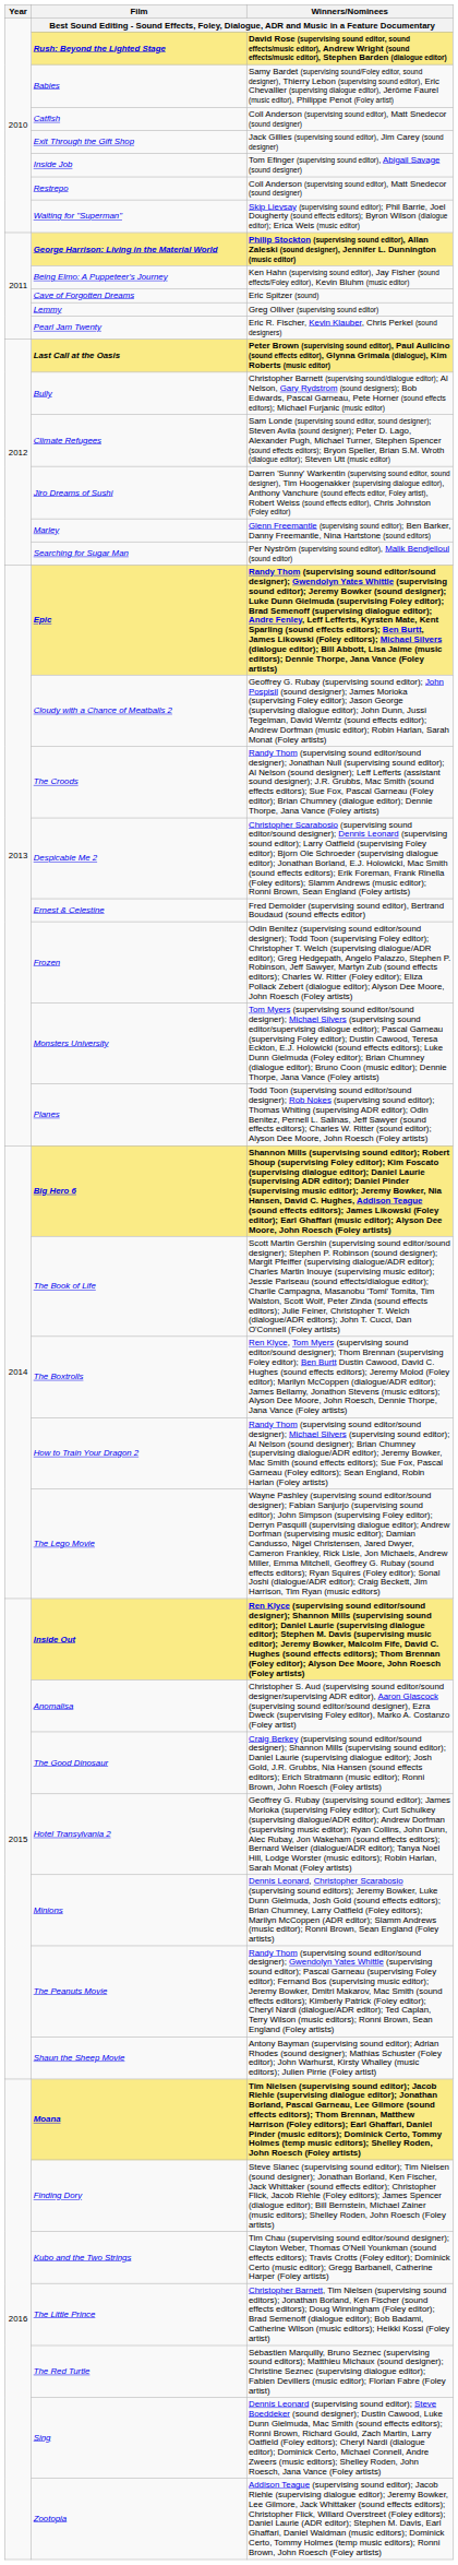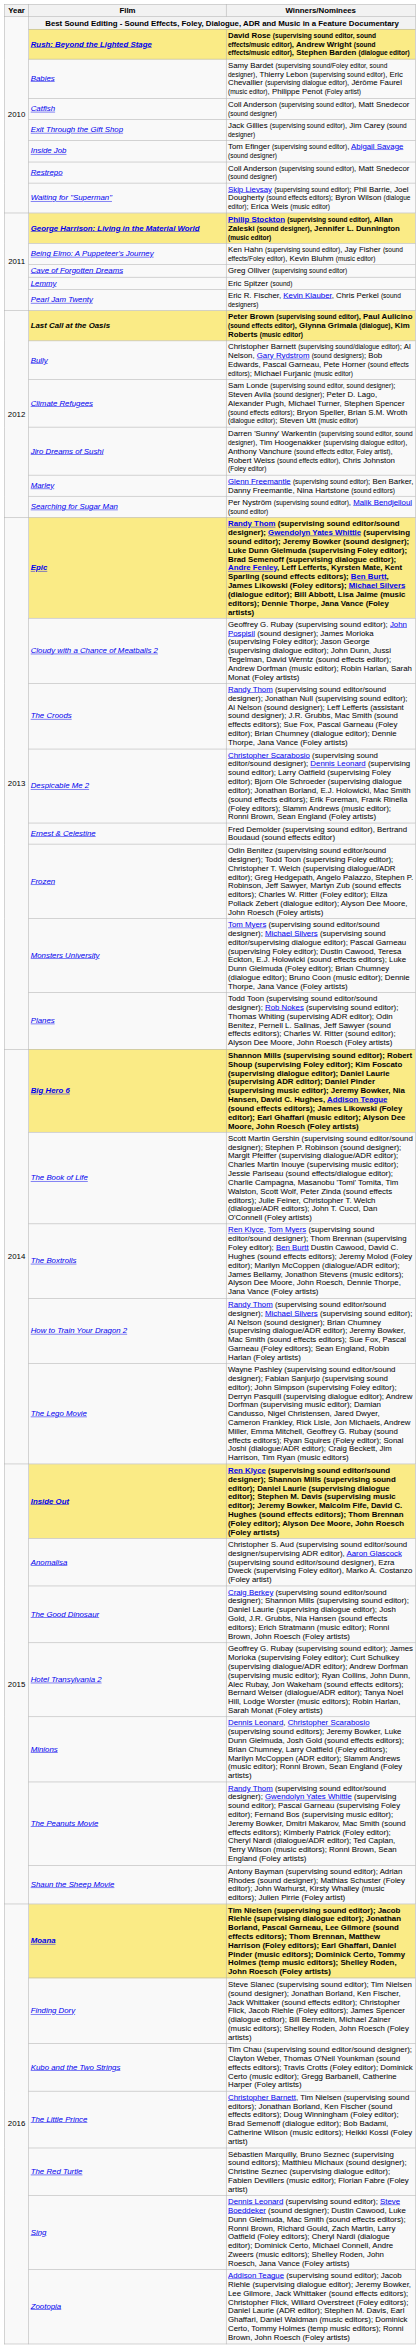 <table class="wikitable" width="95%" cellpadding="5">
 <tr>
 <th width="6%">Year</th>
 <th width="48%">Film</th>
 <th width="48%">Winners/Nominees</th>
 </tr>
 <tr>
 <td rowspan=8 style="text-align:center">2010<br></td>
 <th colspan="3">Best Sound Editing - Sound Effects, Foley, Dialogue, ADR and Music in a Feature Documentary</th>
 </tr>
 <tr style="background:#FAEB86;"|>
 <td><strong><em><a href='#'>Rush: Beyond the Lighted Stage</a></em></strong></td>
 <td><strong>David Rose <small>(supervising sound editor, sound effects/music editor)</small>, Andrew Wright <small>(sound effects/music editor)</small>, Stephen Barden <small>(dialogue editor)</small></strong></td>
 </tr>
 <tr>
 <td><em><a href='#'>Babies</a></em></td>
 <td>Samy Bardet <small>(supervising sound/Foley editor, sound designer)</small>, Thierry Lebon <small>(supervising sound editor)</small>, Eric Chevallier <small>(supervising dialogue editor)</small>, Jérôme Faurel <small>(music editor)</small>, Philippe Penot <small>(Foley artist)</small></td>
 </tr>
 <tr>
 <td><em><a href='#'>Catfish</a></em></td>
 <td>Coll Anderson <small>(supervising sound editor)</small>, Matt Snedecor <small>(sound designer)</small></td>
 </tr>
 <tr>
 <td><em><a href='#'>Exit Through the Gift Shop</a></em></td>
 <td>Jack Gillies <small>(supervising sound editor)</small>, Jim Carey <small>(sound designer)</small></td>
 </tr>
 <tr>
 <td><em><a href='#'>Inside Job</a></em></td>
 <td>Tom Efinger <small>(supervising sound editor)</small>, <a href='#'>Abigail Savage</a> <small>(sound designer)</small></td>
 </tr>
 <tr>
 <td><em><a href='#'>Restrepo</a></em></td>
 <td>Coll Anderson <small>(supervising sound editor)</small>, Matt Snedecor <small>(sound designer)</small></td>
 </tr>
 <tr>
 <td><em><a href='#'>Waiting for "Superman"</a></em></td>
 <td><a href='#'>Skip Lievsay</a> <small>(supervising sound editor)</small>; Phil Barrie, Joel Dougherty <small>(sound effects editors)</small>; Byron Wilson <small>(dialogue editor)</small>; Erica Weis <small>(music editor)</small></td>
 </tr>
 <tr>
 <td rowspan=5 style="text-align:center">2011<br></td>
 <td style="background:#FAEB86;"><strong><em><a href='#'>George Harrison: Living in the Material World</a></em></strong></td>
 <td style="background:#FAEB86;"><strong><a href='#'>Philip Stockton</a> <small>(supervising sound editor)</small>, Allan Zaleski <small>(sound designer)</small>, Jennifer L. Dunnington <small>(music editor)</small></strong></td>
 </tr>
 <tr>
 <td><em><a href='#'>Being Elmo: A Puppeteer's Journey</a></em></td>
 <td>Ken Hahn <small>(supervising sound editor)</small>, Jay Fisher <small>(sound effects/Foley editor)</small>, Kevin Bluhm <small>(music editor)</small></td>
 </tr>
 <tr>
 <td><em><a href='#'>Cave of Forgotten Dreams</a></em></td>
-<td>Eric Spitzer <small>(sound)</small></td>
+<td>Greg Olliver <small>(supervising sound editor)</small></td>
 </tr>
 <tr>
 <td><em><a href='#'>Lemmy</a></em></td>
-<td>Greg Olliver <small>(supervising sound editor)</small></td>
+<td>Eric Spitzer <small>(sound)</small></td>
 </tr>
 <tr>
 <td><em><a href='#'>Pearl Jam Twenty</a></em></td>
 <td>Eric R. Fischer, <a href='#'>Kevin Klauber</a>, Chris Perkel <small>(sound designers)</small></td>
 </tr>
 <tr>
 <td rowspan=6 style="text-align:center">2012<br></td>
 <td style="background:#FAEB86;"><strong><em>Last Call at the Oasis</em></strong></td>
 <td style="background:#FAEB86;"><strong>Peter Brown <small>(supervising sound editor)</small>, Paul Aulicino <small>(sound effects editor)</small>, Glynna Grimala <small>(dialogue)</small>, Kim Roberts <small>(music editor)</small></strong></td>
 </tr>
 <tr>
 <td><em><a href='#'>Bully</a></em></td>
 <td>Christopher Barnett <small>(supervising sound/dialogue editor)</small>; Al Nelson, <a href='#'>Gary Rydstrom</a> <small>(sound designers)</small>; Bob Edwards, Pascal Garneau, Pete Horner <small>(sound effects editors)</small>; Michael Furjanic <small>(music editor)</small></td>
 </tr>
 <tr>
 <td><em><a href='#'>Climate Refugees</a></em></td>
 <td>Sam Londe <small>(supervising sound editor, sound designer)</small>; Steven Avila <small>(sound designer)</small>; Peter D. Lago, Alexander Pugh, Michael Turner, Stephen Spencer <small>(sound effects editors)</small>; Bryon Speller, Brian S.M. Wroth <small>(dialogue editor)</small>; Steven Utt <small>(music editor)</small></td>
 </tr>
 <tr>
 <td><em><a href='#'>Jiro Dreams of Sushi</a></em></td>
 <td>Darren 'Sunny' Warkentin <small>(supervising sound editor, sound designer)</small>, Tim Hoogenakker <small>(supervising dialogue editor)</small>, Anthony Vanchure <small>(sound effects editor, Foley artist)</small>, Robert Weiss <small>(sound effects editor)</small>, Chris Johnston <small>(Foley editor)</small></td>
 </tr>
 <tr>
 <td><em><a href='#'>Marley</a></em></td>
 <td><a href='#'>Glenn Freemantle</a> <small>(supervising sound editor)</small>; Ben Barker, Danny Freemantle, Nina Hartstone <small>(sound editors)</small></td>
 </tr>
 <tr>
 <td><em><a href='#'>Searching for Sugar Man</a></em></td>
 <td>Per Nyström <small>(supervising sound editor)</small>, <a href='#'>Malik Bendjelloul</a> <small>(sound editor)</small></td>
 </tr>
 <tr>
 <td rowspan=8 style="text-align:center">2013<br></td>
 <td style="background:#FAEB86;"><strong><em><a href='#'>Epic</a></em></strong></td>
 <td style="background:#FAEB86;"><strong><a href='#'>Randy Thom</a> (supervising sound editor/sound designer); <a href='#'>Gwendolyn Yates Whittle</a> (supervising sound editor); Jeremy Bowker (sound designer); Luke Dunn Gielmuda (supervising Foley editor); Brad Semenoff (supervising dialogue editor); <a href='#'>Andre Fenley</a>, Leff Lefferts, Kyrsten Mate, Kent Sparling (sound effects editors); <a href='#'>Ben Burtt</a>, James Likowski (Foley editors); <a href='#'>Michael Silvers</a> (dialogue editor); Bill Abbott, Lisa Jaime (music editors); Dennie Thorpe, Jana Vance (Foley artists)</strong></td>
 </tr>
 <tr>
 <td><em><a href='#'>Cloudy with a Chance of Meatballs 2</a></em></td>
 <td>Geoffrey G. Rubay (supervising sound editor); <a href='#'>John Pospisil</a> (sound designer); James Morioka (supervising Foley editor); Jason George (supervising dialogue editor); John Dunn, Jussi Tegelman, David Werntz (sound effects editor); Andrew Dorfman (music editor); Robin Harlan, Sarah Monat (Foley artists)</td>
 </tr>
 <tr>
 <td><em><a href='#'>The Croods</a></em></td>
 <td><a href='#'>Randy Thom</a> (supervising sound editor/sound designer); Jonathan Null (supervising sound editor); Al Nelson (sound designer); Leff Lefferts (assistant sound designer); J.R. Grubbs, Mac Smith (sound effects editors); Sue Fox, Pascal Garneau (Foley editor); Brian Chumney (dialogue editor); Dennie Thorpe, Jana Vance (Foley artists)</td>
 </tr>
 <tr>
 <td><em><a href='#'>Despicable Me 2</a></em></td>
 <td><a href='#'>Christopher Scarabosio</a> (supervising sound editor/sound designer); <a href='#'>Dennis Leonard</a> (supervising sound editor); Larry Oatfield (supervising Foley editor); Bjorn Ole Schroeder (supervising dialogue editor); Jonathan Borland, E.J. Holowicki, Mac Smith (sound effects editors); Erik Foreman, Frank Rinella (Foley editors); Slamm Andrews (music editor); Ronni Brown, Sean England (Foley artists)</td>
 </tr>
 <tr>
 <td><em><a href='#'>Ernest & Celestine</a></em></td>
 <td>Fred Demolder (supervising sound editor), Bertrand Boudaud (sound effects editor)</td>
 </tr>
 <tr>
 <td><em><a href='#'>Frozen</a></em></td>
 <td>Odin Benitez (supervising sound editor/sound designer); Todd Toon (supervising Foley editor); Christopher T. Welch (supervising dialogue/ADR editor); Greg Hedgepath, Angelo Palazzo, Stephen P. Robinson, Jeff Sawyer, Martyn Zub (sound effects editors); Charles W. Ritter (Foley editor); Eliza Pollack Zebert (dialogue editor); Alyson Dee Moore, John Roesch (Foley artists)</td>
 </tr>
 <tr>
 <td><em><a href='#'>Monsters University</a></em></td>
 <td><a href='#'>Tom Myers</a> (supervising sound editor/sound designer); <a href='#'>Michael Silvers</a> (supervising sound editor/supervising dialogue editor); Pascal Garneau (supervising Foley editor); Dustin Cawood, Teresa Eckton, E.J. Holowicki (sound effects editors); Luke Dunn Gielmuda (Foley editor); Brian Chumney (dialogue editor); Bruno Coon (music editor); Dennie Thorpe, Jana Vance (Foley artists)</td>
 </tr>
 <tr>
 <td><em><a href='#'>Planes</a></em></td>
 <td>Todd Toon (supervising sound editor/sound designer); <a href='#'>Rob Nokes</a> (supervising sound editor); Thomas Whiting (supervising ADR editor); Odin Benitez, Pernell L. Salinas, Jeff Sawyer (sound effects editors); Charles W. Ritter (sound editor); Alyson Dee Moore, John Roesch (Foley artists)</td>
 </tr>
 <tr>
 <td rowspan=5 style="text-align:center">2014<br></td>
 <td style="background:#FAEB86;"><strong><em><a href='#'>Big Hero 6</a></em></strong></td>
 <td style="background:#FAEB86;"><strong>Shannon Mills (supervising sound editor); Robert Shoup (supervising Foley editor); Kim Foscato (supervising dialogue editor); Daniel Laurie (supervising ADR editor); Daniel Pinder (supervising music editor); Jeremy Bowker, Nia Hansen, David C. Hughes, <a href='#'>Addison Teague</a> (sound effects editors); James Likowski (Foley editor); Earl Ghaffari (music editor); Alyson Dee Moore, John Roesch (Foley artists)</strong></td>
 </tr>
 <tr>
 <td><em><a href='#'>The Book of Life</a></em></td>
 <td>Scott Martin Gershin (supervising sound editor/sound designer); Stephen P. Robinson (sound designer); Margit Pfeiffer (supervising dialogue/ADR editor); Charles Martin Inouye (supervising music editor); Jessie Pariseau (sound effects/dialogue editor); Charlie Campagna, Masanobu 'Tomi' Tomita, Tim Walston, Scott Wolf, Peter Zinda (sound effects editors); Julie Feiner, Christopher T. Welch (dialogue/ADR editors); John T. Cucci, Dan O'Connell (Foley artists)</td>
 </tr>
 <tr>
 <td><em><a href='#'>The Boxtrolls</a></em></td>
 <td><a href='#'>Ren Klyce</a>, <a href='#'>Tom Myers</a> (supervising sound editor/sound designer); Thom Brennan (supervising Foley editor); <a href='#'>Ben Burtt</a> Dustin Cawood, David C. Hughes (sound effects editors); Jeremy Molod (Foley editor); Marilyn McCoppen (dialogue/ADR editor); James Bellamy, Jonathon Stevens (music editors); Alyson Dee Moore, John Roesch, Dennie Thorpe, Jana Vance (Foley artists)</td>
 </tr>
 <tr>
 <td><em><a href='#'>How to Train Your Dragon 2</a></em></td>
 <td><a href='#'>Randy Thom</a> (supervising sound editor/sound designer); <a href='#'>Michael Silvers</a> (supervising sound editor); Al Nelson (sound designer); Brian Chumney (supervising dialogue/ADR editor); Jeremy Bowker, Mac Smith (sound effects editors); Sue Fox, Pascal Garneau (Foley editors); Sean England, Robin Harlan (Foley artists)</td>
 </tr>
 <tr>
 <td><em><a href='#'>The Lego Movie</a></em></td>
 <td>Wayne Pashley (supervising sound editor/sound designer); Fabian Sanjurjo (supervising sound editor); John Simpson (supervising Foley editor); Derryn Pasquill (supervising dialogue editor); Andrew Dorfman (supervising music editor); Damian Candusso, Nigel Christensen, Jared Dwyer, Cameron Frankley, Rick Lisle, Jon Michaels, Andrew Miller, Emma Mitchell, Geoffrey G. Rubay (sound effects editors); Ryan Squires (Foley editor); Sonal Joshi (dialogue/ADR editor); Craig Beckett, Jim Harrison, Tim Ryan (music editors)</td>
 </tr>
 <tr>
 <td rowspan=7 style="text-align:center">2015<br></td>
 <td style="background:#FAEB86;"><strong><em><a href='#'>Inside Out</a></em></strong></td>
 <td style="background:#FAEB86;"><strong><a href='#'>Ren Klyce</a> (supervising sound editor/sound designer); Shannon Mills (supervising sound editor); Daniel Laurie (supervising dialogue editor); Stephen M. Davis (supervising music editor); Jeremy Bowker, Malcolm Fife, David C. Hughes (sound effects editors); Thom Brennan (Foley editor); Alyson Dee Moore, John Roesch (Foley artists)</strong></td>
 </tr>
 <tr>
 <td><em><a href='#'>Anomalisa</a></em></td>
 <td>Christopher S. Aud (supervising sound editor/sound designer/supervising ADR editor), <a href='#'>Aaron Glascock</a> (supervising sound editor/sound designer), Ezra Dweck (supervising Foley editor), Marko A. Costanzo (Foley artist)</td>
 </tr>
 <tr>
 <td><em><a href='#'>The Good Dinosaur</a></em></td>
 <td><a href='#'>Craig Berkey</a> (supervising sound editor/sound designer); Shannon Mills (supervising sound editor); Daniel Laurie (supervising dialogue editor); Josh Gold, J.R. Grubbs, Nia Hansen (sound effects editors); Erich Stratmann (music editor); Ronni Brown, John Roesch (Foley artists)</td>
 </tr>
 <tr>
 <td><em><a href='#'>Hotel Transylvania 2</a></em></td>
 <td>Geoffrey G. Rubay (supervising sound editor); James Morioka (supervising Foley editor); Curt Schulkey (supervising dialogue/ADR editor); Andrew Dorfman (supervising music editor); Ryan Collins, John Dunn, Alec Rubay, Jon Wakeham (sound effects editors); Bernard Weiser (dialogue/ADR editor); Tanya Noel Hill, Lodge Worster (music editors); Robin Harlan, Sarah Monat (Foley artists)</td>
 </tr>
 <tr>
 <td><em><a href='#'>Minions</a></em></td>
 <td><a href='#'>Dennis Leonard</a>, <a href='#'>Christopher Scarabosio</a> (supervising sound editors); Jeremy Bowker, Luke Dunn Gielmuda, Josh Gold (sound effects editors); Brian Chumney, Larry Oatfield (Foley editors); Marilyn McCoppen (ADR editor); Slamm Andrews (music editor); Ronni Brown, Sean England (Foley artists)</td>
 </tr>
 <tr>
 <td><em><a href='#'>The Peanuts Movie</a></em></td>
 <td><a href='#'>Randy Thom</a> (supervising sound editor/sound designer); <a href='#'>Gwendolyn Yates Whittle</a> (supervising sound editor); Pascal Garneau (supervising Foley editor); Fernand Bos (supervising music editor); Jeremy Bowker, Dmitri Makarov, Mac Smith (sound effects editors); Kimberly Patrick (Foley editor); Cheryl Nardi (dialogue/ADR editor); Ted Caplan, Terry Wilson (music editors); Ronni Brown, Sean England (Foley artists)</td>
 </tr>
 <tr>
 <td><em><a href='#'>Shaun the Sheep Movie</a></em></td>
 <td>Antony Bayman (supervising sound editor); Adrian Rhodes (sound designer); Mathias Schuster (Foley editor); John Warhurst, Kirsty Whalley (music editors); Julien Pirrie (Foley artist)</td>
 </tr>
 <tr>
 <td rowspan=7 style="text-align:center">2016<br></td>
 <td style="background:#FAEB86;"><strong><em><a href='#'>Moana</a></em></strong></td>
 <td style="background:#FAEB86;"><strong>Tim Nielsen (supervising sound editor); Jacob Riehle (supervising dialogue editor); Jonathan Borland, Pascal Garneau, Lee Gilmore (sound effects editors); Thom Brennan, Matthew Harrison (Foley editors); Earl Ghaffari, Daniel Pinder (music editors); Dominick Certo, Tommy Holmes (temp music editors); Shelley Roden, John Roesch (Foley artists)</strong></td>
 </tr>
 <tr>
 <td><em><a href='#'>Finding Dory</a></em></td>
 <td>Steve Slanec (supervising sound editor); Tim Nielsen (sound designer); Jonathan Borland, Ken Fischer, Jack Whittaker (sound effects editor); Christopher Flick, Jacob Riehle (Foley editors); James Spencer (dialogue editor); Bill Bernstein, Michael Zainer (music editors); Shelley Roden, John Roesch (Foley artists)</td>
 </tr>
 <tr>
 <td><em><a href='#'>Kubo and the Two Strings</a></em></td>
 <td>Tim Chau (supervising sound editor/sound designer); Clayton Weber, Thomas O'Neil Younkman (sound effects editors); Travis Crotts (Foley editor); Dominick Certo (music editor); Gregg Barbanell, Catherine Harper (Foley artists)</td>
 </tr>
 <tr>
 <td><em><a href='#'>The Little Prince</a></em></td>
 <td><a href='#'>Christopher Barnett</a>, Tim Nielsen (supervising sound editors); Jonathan Borland, Ken Fischer (sound effects editors); Doug Winningham (Foley editor); Brad Semenoff (dialogue editor); Bob Badami, Catherine Wilson (music editors); Heikki Kossi (Foley artist)</td>
 </tr>
 <tr>
 <td><em><a href='#'>The Red Turtle</a></em></td>
 <td>Sébastien Marquilly, Bruno Seznec (supervising sound editors); Matthieu Michaux (sound designer); Christine Seznec (supervising dialogue editor); Fabien Devillers (music editor); Florian Fabre (Foley artist)</td>
 </tr>
 <tr>
 <td><em><a href='#'>Sing</a></em></td>
 <td><a href='#'>Dennis Leonard</a> (supervising sound editor); <a href='#'>Steve Boeddeker</a> (sound designer); Dustin Cawood, Luke Dunn Gielmuda, Mac Smith (sound effects editors); Ronni Brown, Richard Gould, Zach Martin, Larry Oatfield (Foley editors); Cheryl Nardi (dialogue editor); Dominick Certo, Michael Connell, Andre Zweers (music editors); Shelley Roden, John Roesch, Jana Vance (Foley artists)</td>
 </tr>
 <tr>
 <td><em><a href='#'>Zootopia</a></em></td>
 <td><a href='#'>Addison Teague</a> (supervising sound editor); Jacob Riehle (supervising dialogue editor); Jeremy Bowker, Lee Gilmore, Jack Whittaker (sound effects editors); Christopher Flick, Willard Overstreet (Foley editors); Daniel Laurie (ADR editor); Stephen M. Davis, Earl Ghaffari, Daniel Waldman (music editors); Dominick Certo, Tommy Holmes (temp music editors); Ronni Brown, John Roesch (Foley artists)</td>
 </tr>
 </table>
